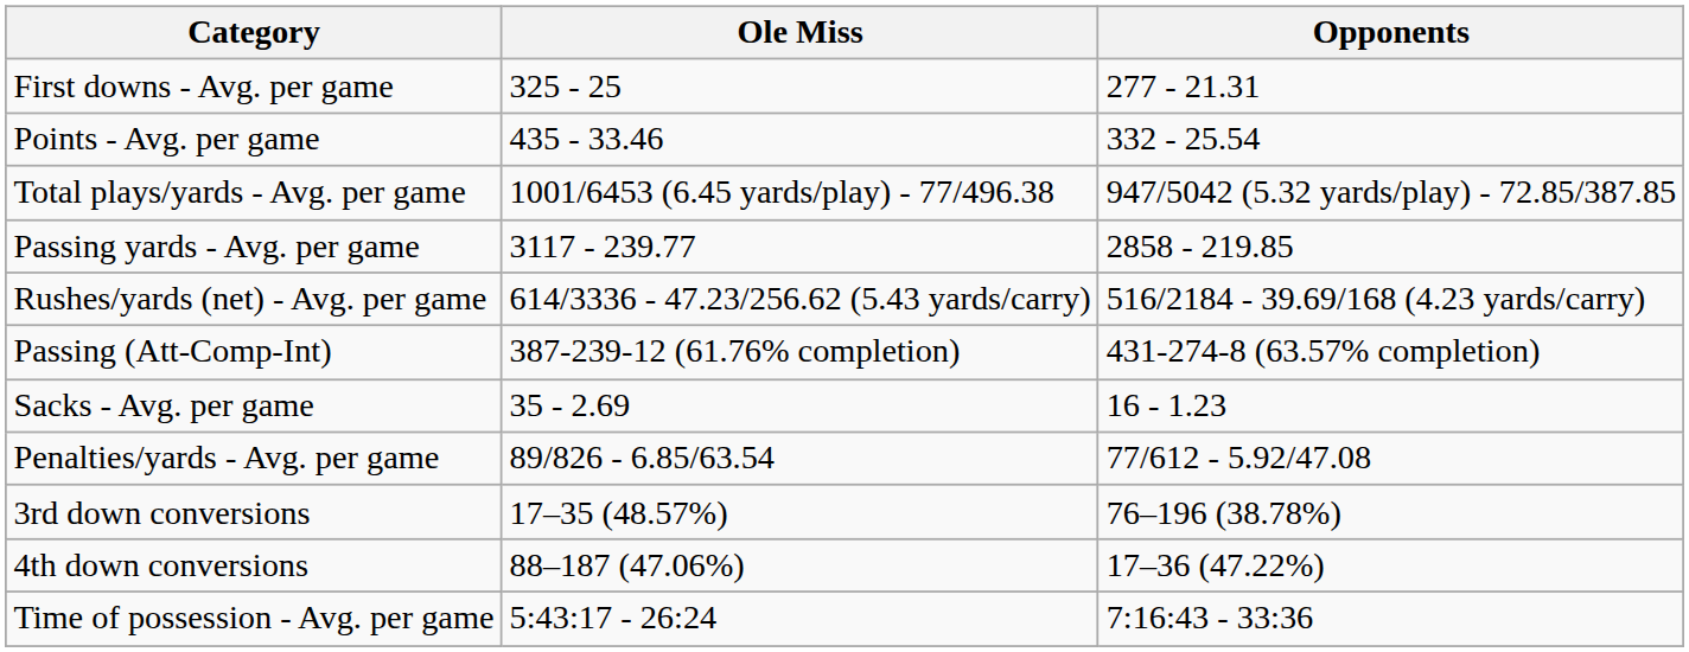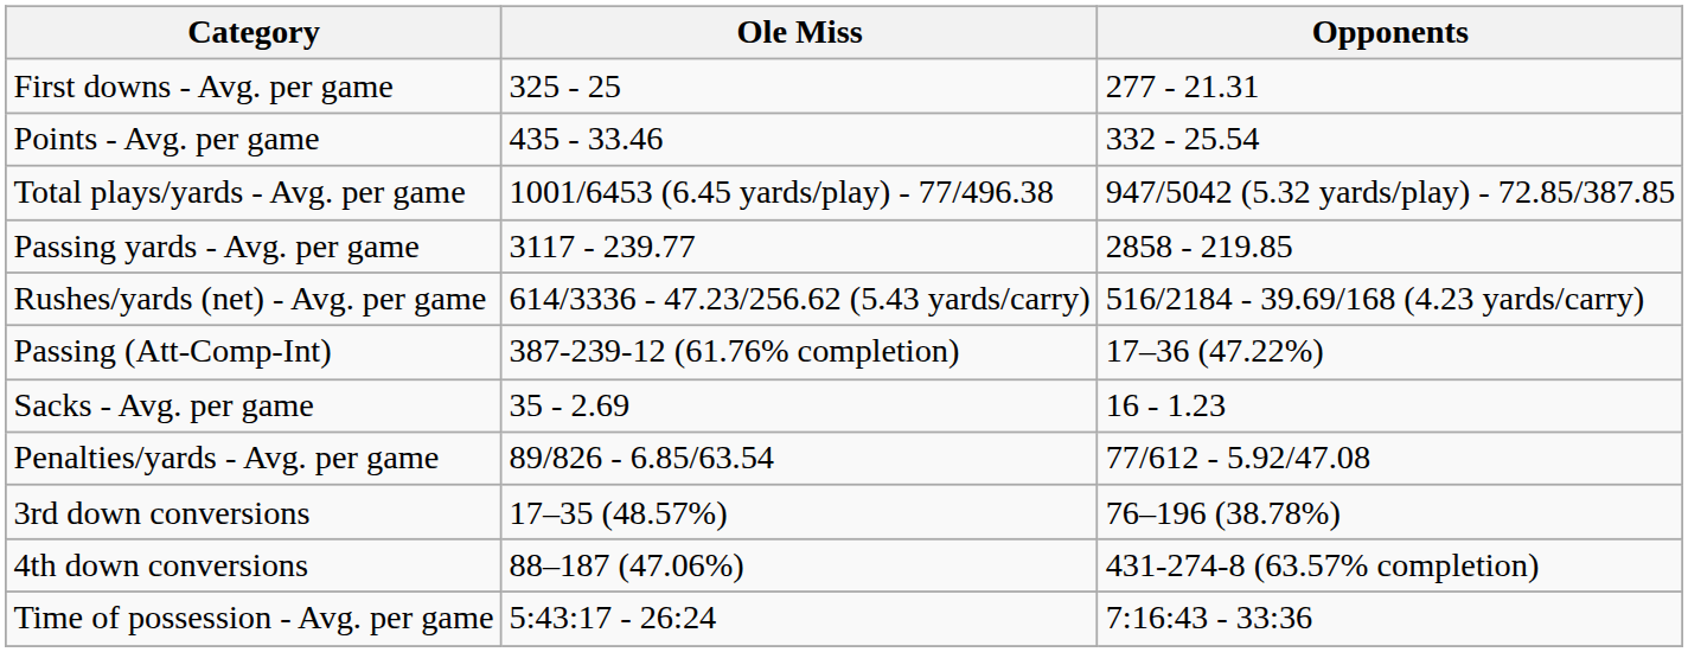 <table class="wikitable" style="float: left;">
 <tr>
 <th>Category</th>
 <th>Ole Miss</th>
 <th>Opponents</th>
 </tr>
 <tr>
 <td>First downs - Avg. per game</td>
 <td>325 - 25</td>
 <td>277 - 21.31</td>
 </tr>
 <tr>
 <td>Points - Avg. per game</td>
 <td>435 - 33.46</td>
 <td>332 - 25.54</td>
 </tr>
 <tr>
 <td>Total plays/yards - Avg. per game</td>
 <td>1001/6453 (6.45 yards/play) - 77/496.38</td>
 <td>947/5042 (5.32 yards/play) - 72.85/387.85</td>
 </tr>
 <tr>
 <td>Passing yards - Avg. per game</td>
 <td>3117 - 239.77</td>
 <td>2858 - 219.85</td>
 </tr>
 <tr>
 <td>Rushes/yards (net) - Avg. per game</td>
 <td>614/3336 - 47.23/256.62 (5.43 yards/carry)</td>
 <td>516/2184 - 39.69/168 (4.23 yards/carry)</td>
 </tr>
 <tr>
 <td>Passing (Att-Comp-Int)</td>
 <td>387-239-12 (61.76% completion)</td>
-<td>431-274-8 (63.57% completion)</td>
+<td>17–36 (47.22%)</td>
 </tr>
 <tr>
 <td>Sacks - Avg. per game</td>
 <td>35 - 2.69</td>
 <td>16 - 1.23</td>
 </tr>
 <tr>
 <td>Penalties/yards - Avg. per game</td>
 <td>89/826 - 6.85/63.54</td>
 <td>77/612 - 5.92/47.08</td>
 </tr>
 <tr>
 <td>3rd down conversions</td>
 <td>17–35 (48.57%)</td>
 <td>76–196 (38.78%)</td>
 </tr>
 <tr>
 <td>4th down conversions</td>
 <td>88–187 (47.06%)</td>
-<td>17–36 (47.22%)</td>
+<td>431-274-8 (63.57% completion)</td>
 </tr>
 <tr>
 <td>Time of possession - Avg. per game</td>
 <td>5:43:17 - 26:24</td>
 <td>7:16:43 - 33:36</td>
 </tr>
 </table>
